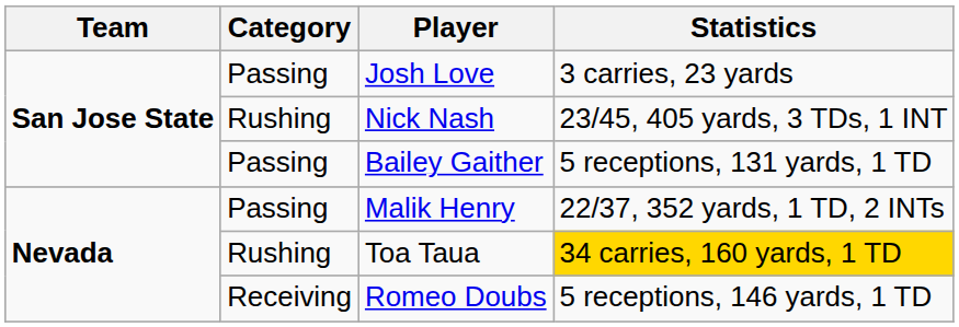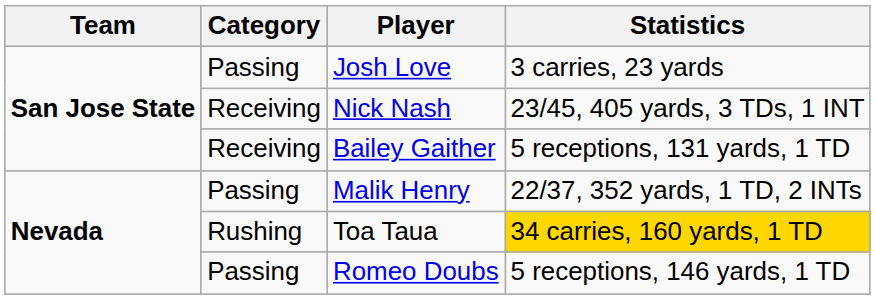 <table class="wikitable" style="float: left;">
 <tr>
 <th>Team</th>
 <th>Category</th>
 <th>Player</th>
 <th>Statistics</th>
 </tr>
 <tr>
 <td rowspan=3><strong>San Jose State</strong></td>
 <td>Passing</td>
 <td><a href='#'>Josh Love</a></td>
 <td>3 carries, 23 yards</td>
 </tr>
 <tr>
-<td>Rushing</td>
+<td>Receiving</td>
 <td><a href='#'>Nick Nash</a></td>
 <td>23/45, 405 yards, 3 TDs, 1 INT</td>
 </tr>
 <tr>
-<td>Passing</td>
+<td>Receiving</td>
 <td><a href='#'>Bailey Gaither</a></td>
 <td>5 receptions, 131 yards, 1 TD</td>
 </tr>
 <tr>
 <td rowspan=3><strong>Nevada</strong></td>
 <td>Passing</td>
 <td><a href='#'>Malik Henry</a></td>
 <td>22/37, 352 yards, 1 TD, 2 INTs</td>
 </tr>
 <tr>
 <td>Rushing</td>
 <td>Toa Taua</td>
 <td style="background: gold;">34 carries, 160 yards, 1 TD</td>
 </tr>
 <tr>
-<td>Receiving</td>
+<td>Passing</td>
 <td><a href='#'>Romeo Doubs</a></td>
 <td>5 receptions, 146 yards, 1 TD</td>
 </tr>
 </table>
